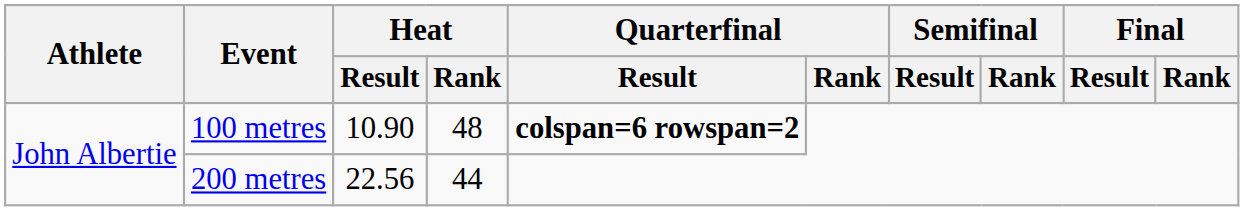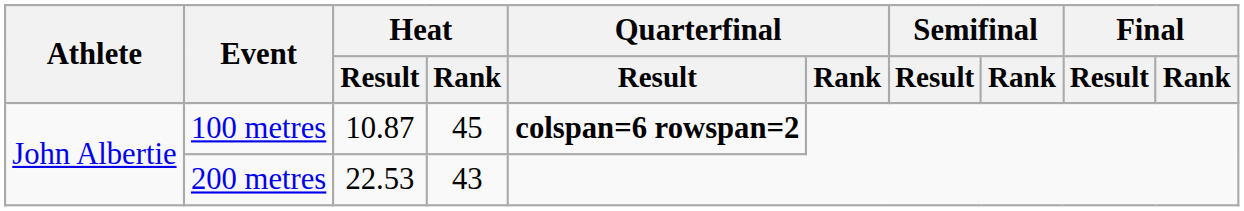 <table class=wikitable style=font-size:90%>
 <tr>
 <th rowspan=2>Athlete</th>
 <th rowspan=2>Event</th>
 <th colspan=2>Heat</th>
 <th colspan=2>Quarterfinal</th>
 <th colspan=2>Semifinal</th>
 <th colspan=2>Final</th>
 </tr>
 <tr style=font-size:95%>
 <th>Result</th>
 <th>Rank</th>
 <th>Result</th>
 <th>Rank</th>
 <th>Result</th>
 <th>Rank</th>
 <th>Result</th>
 <th>Rank</th>
 </tr>
 <tr align=center>
 <td align=left rowspan=2><a href='#'>John Albertie</a></td>
 <td align=left><a href='#'>100 metres</a></td>
-<td>10.90</td>
-<td>48</td>
+<td>10.87</td>
+<td>45</td>
 <td><strong>colspan=6 rowspan=2 </strong></td>
 </tr>
 <tr align=center>
 <td align=left><a href='#'>200 metres</a></td>
-<td>22.56</td>
-<td>44</td>
+<td>22.53</td>
+<td>43</td>
 </tr>
 </table>
